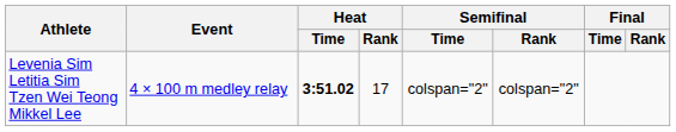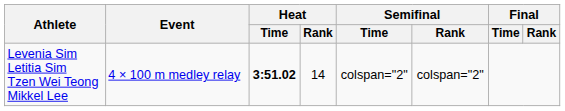 <table class="wikitable" style="text-align:center; font-size:90%; width:50%;">
 <tr>
 <th rowspan="2">Athlete</th>
 <th rowspan="2">Event</th>
 <th colspan="2">Heat</th>
 <th colspan="2">Semifinal</th>
 <th colspan="2">Final</th>
 </tr>
 <tr style="font-size:95%">
 <th>Time</th>
 <th>Rank</th>
 <th>Time</th>
 <th>Rank</th>
 <th>Time</th>
 <th>Rank</th>
 </tr>
 <tr align=center>
 <td align=left><a href='#'>Levenia Sim</a> <br><a href='#'>Letitia Sim</a> <br><a href='#'>Tzen Wei Teong</a> <br><a href='#'>Mikkel Lee</a></td>
 <td align=left><a href='#'>4 × 100 m medley relay</a></td>
 <td><strong>3:51.02</strong></td>
-<td>17</td>
+<td>14</td>
 <td>colspan="2" </td>
 <td>colspan="2" </td>
 </tr>
 </table>
